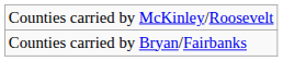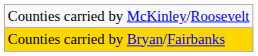 <table class="wikitable">
 <tr>
 <td>Counties carried by <a href='#'>McKinley</a>/<a href='#'>Roosevelt</a></td>
 </tr>
 <tr>
-<td>Counties carried by <a href='#'>Bryan</a>/<a href='#'>Fairbanks</a></td>
+<td style="background: gold;">Counties carried by <a href='#'>Bryan</a>/<a href='#'>Fairbanks</a></td>
 </tr>
 </table>
